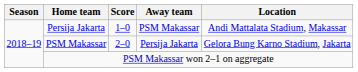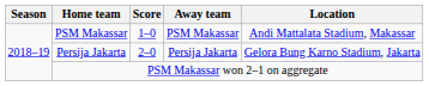 <table class="wikitable" style="text-align: center; font-size: 100%;">
 <tr>
 <th>Season</th>
 <th>Home team</th>
 <th>Score</th>
 <th>Away team</th>
 <th>Location</th>
 </tr>
 <tr>
 <td rowspan="3"><a href='#'>2018–19</a></td>
-<td><a href='#'>Persija Jakarta</a></td>
+<td><a href='#'>PSM Makassar</a></td>
 <td><a href='#'>1–0</a></td>
 <td><a href='#'>PSM Makassar</a></td>
 <td><a href='#'>Andi Mattalata Stadium</a>, <a href='#'>Makassar</a></td>
 </tr>
 <tr>
-<td><a href='#'>PSM Makassar</a></td>
+<td><a href='#'>Persija Jakarta</a></td>
 <td><a href='#'>2–0</a></td>
 <td><a href='#'>Persija Jakarta</a></td>
 <td><a href='#'>Gelora Bung Karno Stadium</a>, <a href='#'>Jakarta</a></td>
 </tr>
 <tr>
 <td colspan="4"><a href='#'>PSM Makassar</a> won 2–1 on aggregate</td>
 </tr>
 </table>
